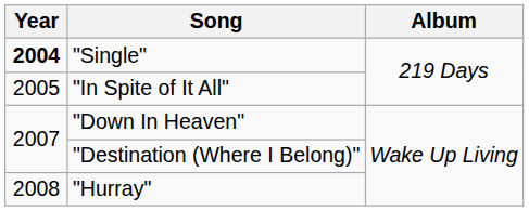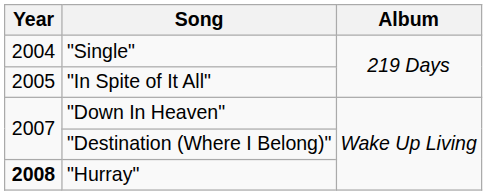 <table class="wikitable">
 <tr>
 <th width="40">Year</th>
 <th>Song</th>
 <th>Album</th>
 </tr>
 <tr>
-<td style="text-align:center;"><strong>2004</strong></td>
+<td style="text-align:center;">2004</td>
 <td>"Single"</td>
 <td style="text-align:center;" rowspan="2"><em>219 Days</em></td>
 </tr>
 <tr>
 <td style="text-align:center;">2005</td>
 <td>"In Spite of It All"</td>
 </tr>
 <tr>
 <td style="text-align:center;" rowspan="2">2007</td>
 <td>"Down In Heaven"</td>
 <td style="text-align:center;" rowspan="3"><em>Wake Up Living</em></td>
 </tr>
 <tr>
 <td>"Destination (Where I Belong)"</td>
 </tr>
 <tr>
-<td style="text-align:center;">2008</td>
+<td style="text-align:center;"><strong>2008</strong></td>
 <td>"Hurray"</td>
 </tr>
 </table>
